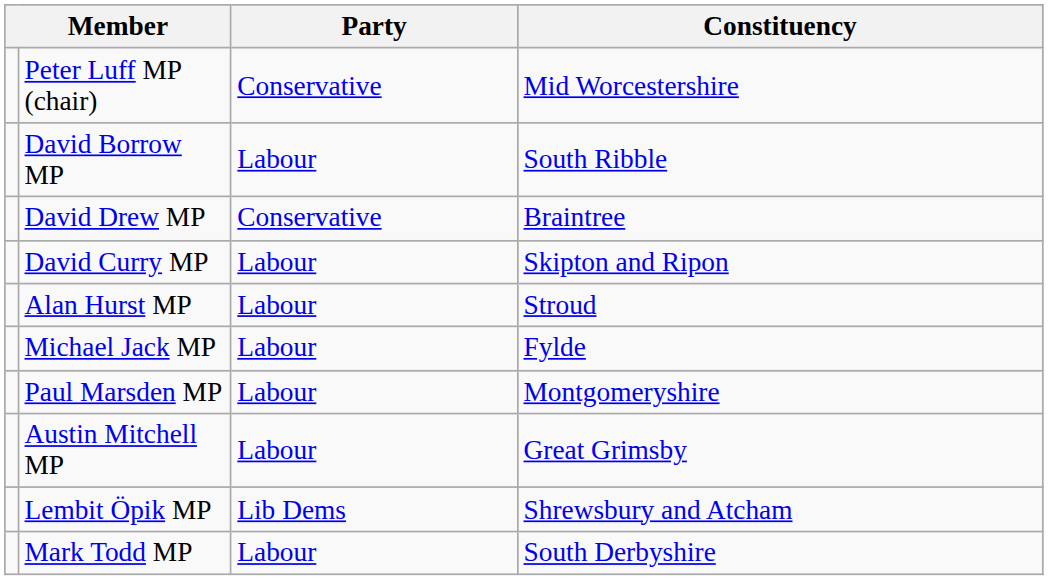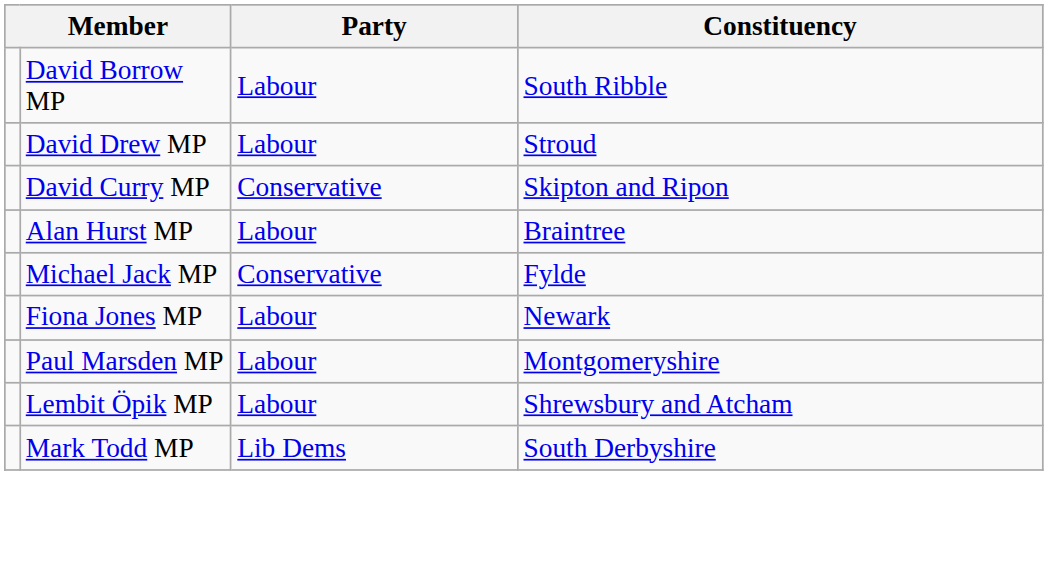 <table class="wikitable">
 <tr>
 <th colspan="2" width="160px">Member</th>
 <th width="160px">Party</th>
 <th width="300px">Constituency</th>
-</tr>
-<tr>
-<td style="color:inherit;background:"></td>
-<td><a href='#'>Peter Luff</a> MP (chair)</td>
-<td><a href='#'>Conservative</a></td>
-<td><a href='#'>Mid Worcestershire</a></td>
 </tr>
 <tr>
 <td style="color:inherit;background:"></td>
 <td><a href='#'>David Borrow</a> MP</td>
 <td><a href='#'>Labour</a></td>
 <td><a href='#'>South Ribble</a></td>
 </tr>
 <tr>
 <td style="color:inherit;background:"></td>
 <td><a href='#'>David Drew</a> MP</td>
-<td><a href='#'>Conservative</a></td>
-<td><a href='#'>Braintree</a></td>
+<td><a href='#'>Labour</a></td>
+<td><a href='#'>Stroud</a></td>
 </tr>
 <tr>
 <td style="color:inherit;background:"></td>
 <td><a href='#'>David Curry</a> MP</td>
-<td><a href='#'>Labour</a></td>
+<td><a href='#'>Conservative</a></td>
 <td><a href='#'>Skipton and Ripon</a></td>
 </tr>
 <tr>
 <td style="color:inherit;background:"></td>
 <td><a href='#'>Alan Hurst</a> MP</td>
 <td><a href='#'>Labour</a></td>
-<td><a href='#'>Stroud</a></td>
+<td><a href='#'>Braintree</a></td>
 </tr>
 <tr>
 <td style="color:inherit;background:"></td>
 <td><a href='#'>Michael Jack</a> MP</td>
+<td><a href='#'>Conservative</a></td>
+<td><a href='#'>Fylde</a></td>
+</tr>
+<tr>
+<td style="color:inherit;background:"></td>
+<td><a href='#'>Fiona Jones</a> MP</td>
 <td><a href='#'>Labour</a></td>
-<td><a href='#'>Fylde</a></td>
+<td><a href='#'>Newark</a></td>
 </tr>
 <tr>
 <td style="color:inherit;background:"></td>
 <td><a href='#'>Paul Marsden</a> MP</td>
 <td><a href='#'>Labour</a></td>
 <td><a href='#'>Montgomeryshire</a></td>
 </tr>
 <tr>
 <td style="color:inherit;background:"></td>
-<td><a href='#'>Austin Mitchell</a> MP</td>
+<td><a href='#'>Lembit Öpik</a> MP</td>
 <td><a href='#'>Labour</a></td>
-<td><a href='#'>Great Grimsby</a></td>
-</tr>
-<tr>
-<td style="color:inherit;background:"></td>
-<td><a href='#'>Lembit Öpik</a> MP</td>
-<td><a href='#'>Lib Dems</a></td>
 <td><a href='#'>Shrewsbury and Atcham</a></td>
 </tr>
 <tr>
 <td style="color:inherit;background:"></td>
 <td><a href='#'>Mark Todd</a> MP</td>
-<td><a href='#'>Labour</a></td>
+<td><a href='#'>Lib Dems</a></td>
 <td><a href='#'>South Derbyshire</a></td>
 </tr>
 </table>
